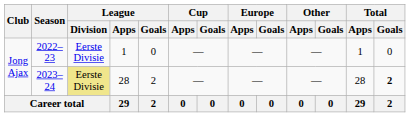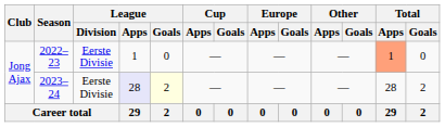 <table class="wikitable" style="text-align:center">
 <tr>
 <th rowspan="2">Club</th>
 <th rowspan="2">Season</th>
 <th colspan="3">League</th>
 <th colspan="2">Cup</th>
 <th colspan="2">Europe</th>
 <th colspan="2">Other</th>
 <th colspan="2">Total</th>
 </tr>
 <tr>
 <th>Division</th>
 <th>Apps</th>
 <th>Goals</th>
 <th>Apps</th>
 <th>Goals</th>
 <th>Apps</th>
 <th>Goals</th>
 <th>Apps</th>
 <th>Goals</th>
 <th>Apps</th>
 <th>Goals</th>
 </tr>
 <tr>
 <td rowspan="2"><a href='#'>Jong Ajax</a></td>
 <td><a href='#'>2022–23</a></td>
 <td><a href='#'>Eerste Divisie</a></td>
 <td>1</td>
 <td>0</td>
 <td colspan="2">—</td>
 <td colspan="2">—</td>
 <td colspan="2">—</td>
-<td>1</td>
+<td style="background: lightsalmon;">1</td>
 <td>0</td>
 </tr>
 <tr>
 <td><a href='#'>2023–24</a></td>
-<td style="background: khaki;">Eerste Divisie</td>
-<td>28</td>
-<td>2</td>
+<td>Eerste Divisie</td>
+<td style="background: lavender;">28</td>
+<td style="background: lightyellow;">2</td>
 <td colspan="2">—</td>
 <td colspan="2">—</td>
 <td colspan="2">—</td>
 <td>28</td>
-<td><strong>2</strong></td>
+<td>2</td>
 </tr>
 <tr>
 <th colspan="3">Career total</th>
 <th>29</th>
 <th>2</th>
 <th>0</th>
 <th>0</th>
 <th>0</th>
 <th>0</th>
 <th>0</th>
 <th>0</th>
 <th>29</th>
 <th>2</th>
 </tr>
 </table>
